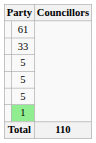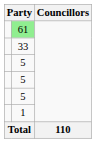 <table class="wikitable">
 <tr>
 <th colspan=2>Party</th>
 <th>Councillors</th>
 </tr>
 <tr>
 <td></td>
-<td align=center>61</td>
+<td align=center style="background: lightgreen;">61</td>
 </tr>
 <tr>
 <td></td>
 <td align=center>33</td>
 </tr>
 <tr>
 <td></td>
 <td align=center>5</td>
 </tr>
 <tr>
 <td></td>
 <td align=center>5</td>
 </tr>
 <tr>
 <td></td>
 <td align=center>5</td>
 </tr>
 <tr>
 <td></td>
-<td align=center style="background: lightgreen;">1</td>
+<td align=center>1</td>
 </tr>
 <tr>
 <th colspan=2>Total</th>
 <th align=center>110</th>
 </tr>
 </table>
